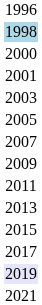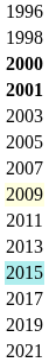 <table>
 <tr>
 <td align=center>1996</td>
 <td></td>
 <td></td>
 <td></td>
 </tr>
 <tr>
-<td align=center style="background: lightblue;">1998</td>
+<td align=center>1998</td>
 <td></td>
 <td></td>
 <td></td>
 </tr>
 <tr>
-<td align=center>2000</td>
+<td align=center><strong>2000</strong></td>
 <td></td>
 <td></td>
 <td></td>
 </tr>
 <tr>
-<td align=center>2001</td>
+<td align=center><strong>2001</strong></td>
 <td></td>
 <td></td>
 <td></td>
 </tr>
 <tr>
 <td align=center>2003</td>
 <td></td>
 <td></td>
 <td></td>
 </tr>
 <tr>
 <td align=center>2005</td>
 <td></td>
 <td></td>
 <td></td>
 </tr>
 <tr>
 <td align=center>2007</td>
 <td></td>
 <td></td>
 <td></td>
 </tr>
 <tr>
-<td align=center>2009</td>
+<td align=center style="background: lightyellow;">2009</td>
 <td></td>
 <td></td>
 <td></td>
 </tr>
 <tr>
 <td align=center>2011</td>
 <td></td>
 <td></td>
 <td></td>
 </tr>
 <tr>
 <td align=center>2013</td>
 <td></td>
 <td></td>
 <td></td>
 </tr>
 <tr>
-<td align=center>2015</td>
+<td align=center style="background: paleturquoise;">2015</td>
 <td></td>
 <td></td>
 <td></td>
 </tr>
 <tr>
 <td align=center>2017</td>
 <td></td>
 <td></td>
 <td></td>
 </tr>
 <tr>
-<td align=center style="background: lavender;">2019</td>
+<td align=center>2019</td>
 <td></td>
 <td></td>
 <td></td>
 </tr>
 <tr>
 <td align=center>2021</td>
 <td></td>
 <td></td>
 <td></td>
 </tr>
 </table>
